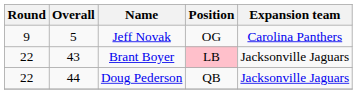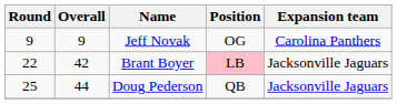 <table class="wikitable" style="text-align:center">
 <tr>
 <th>Round</th>
 <th>Overall</th>
 <th>Name</th>
 <th>Position</th>
 <th>Expansion team</th>
 </tr>
 <tr>
 <td>9</td>
-<td>5</td>
+<td>9</td>
 <td><a href='#'>Jeff Novak</a></td>
 <td>OG</td>
 <td><a href='#'>Carolina Panthers</a></td>
 </tr>
 <tr>
 <td>22</td>
-<td>43</td>
+<td>42</td>
 <td><a href='#'>Brant Boyer</a></td>
 <td style="background: pink;">LB</td>
 <td>Jacksonville Jaguars</td>
 </tr>
 <tr>
-<td>22</td>
+<td>25</td>
 <td>44</td>
 <td><a href='#'>Doug Pederson</a></td>
 <td>QB</td>
 <td><a href='#'>Jacksonville Jaguars</a></td>
 </tr>
 <tr>
 </tr>
 </table>
